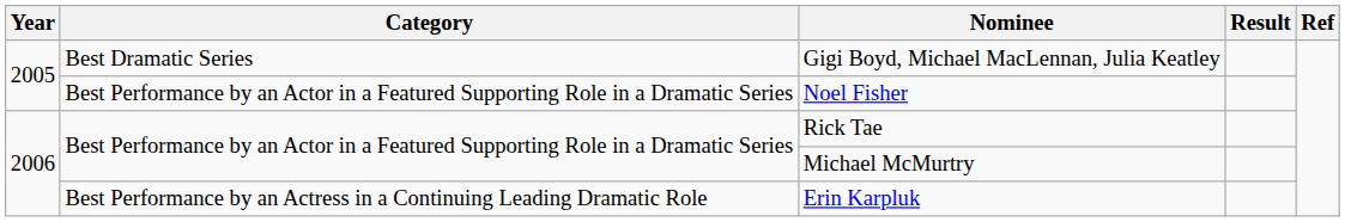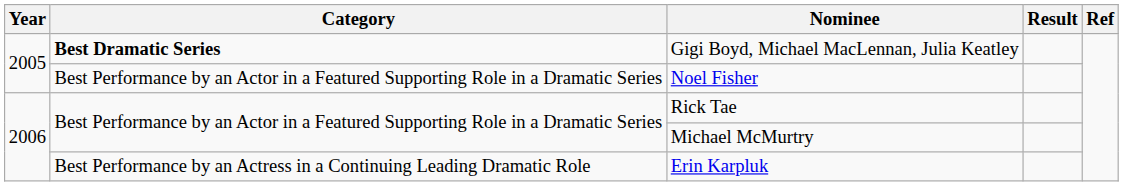 <table class="wikitable">
 <tr>
 <th>Year</th>
 <th>Category</th>
 <th>Nominee</th>
 <th>Result</th>
 <th>Ref</th>
 </tr>
 <tr>
 <td rowspan="2">2005</td>
-<td>Best Dramatic Series</td>
+<td><strong>Best Dramatic Series</strong></td>
 <td>Gigi Boyd, Michael MacLennan, Julia Keatley</td>
 <td></td>
 <td rowspan="5"></td>
 </tr>
 <tr>
 <td>Best Performance by an Actor in a Featured Supporting Role in a Dramatic Series</td>
 <td><a href='#'>Noel Fisher</a></td>
 <td></td>
 </tr>
 <tr>
 <td rowspan="3">2006</td>
 <td rowspan="2">Best Performance by an Actor in a Featured Supporting Role in a Dramatic Series</td>
 <td>Rick Tae</td>
 <td></td>
 </tr>
 <tr>
 <td>Michael McMurtry</td>
 <td></td>
 </tr>
 <tr>
 <td>Best Performance by an Actress in a Continuing Leading Dramatic Role</td>
 <td><a href='#'>Erin Karpluk</a></td>
 <td></td>
 </tr>
 </table>
